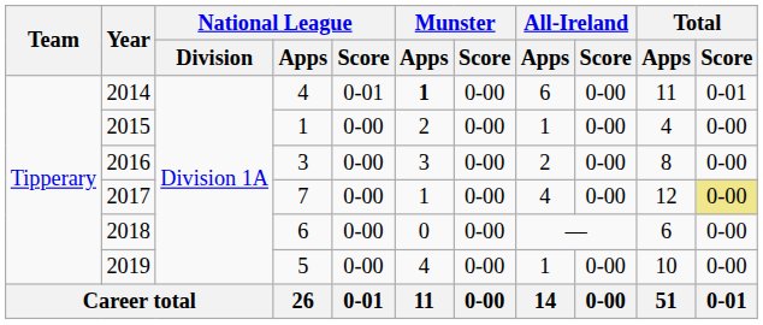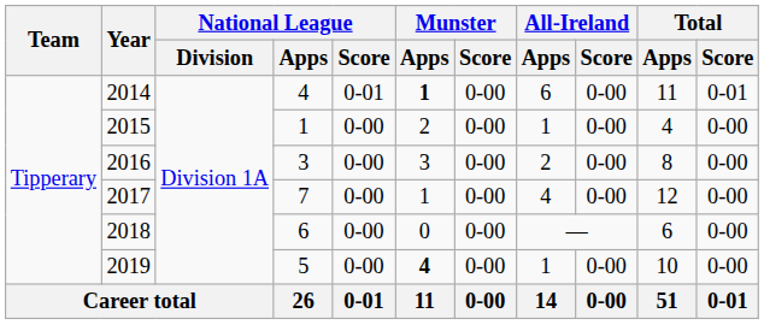 <table class="wikitable" style="text-align:center">
 <tr>
 <th rowspan="2">Team</th>
 <th rowspan="2">Year</th>
 <th colspan="3"><a href='#'>National League</a></th>
 <th colspan="2"><a href='#'>Munster</a></th>
 <th colspan="2"><a href='#'>All-Ireland</a></th>
 <th colspan="2">Total</th>
 </tr>
 <tr>
 <th>Division</th>
 <th>Apps</th>
 <th>Score</th>
 <th>Apps</th>
 <th>Score</th>
 <th>Apps</th>
 <th>Score</th>
 <th>Apps</th>
 <th>Score</th>
 </tr>
 <tr>
 <td rowspan="6"><a href='#'>Tipperary</a></td>
 <td>2014</td>
 <td rowspan="6"><a href='#'>Division 1A</a></td>
 <td>4</td>
 <td>0-01</td>
 <td><strong>1</strong></td>
 <td>0-00</td>
 <td>6</td>
 <td>0-00</td>
 <td>11</td>
 <td>0-01</td>
 </tr>
 <tr>
 <td>2015</td>
 <td>1</td>
 <td>0-00</td>
 <td>2</td>
 <td>0-00</td>
 <td>1</td>
 <td>0-00</td>
 <td>4</td>
 <td>0-00</td>
 </tr>
 <tr>
 <td>2016</td>
 <td>3</td>
 <td>0-00</td>
 <td>3</td>
 <td>0-00</td>
 <td>2</td>
 <td>0-00</td>
 <td>8</td>
 <td>0-00</td>
 </tr>
 <tr>
 <td>2017</td>
 <td>7</td>
 <td>0-00</td>
 <td>1</td>
 <td>0-00</td>
 <td>4</td>
 <td>0-00</td>
 <td>12</td>
-<td style="background: khaki;">0-00</td>
+<td>0-00</td>
 </tr>
 <tr>
 <td>2018</td>
 <td>6</td>
 <td>0-00</td>
 <td>0</td>
 <td>0-00</td>
 <td colspan=2>—</td>
 <td>6</td>
 <td>0-00</td>
 </tr>
 <tr>
 <td>2019</td>
 <td>5</td>
 <td>0-00</td>
-<td>4</td>
+<td><strong>4</strong></td>
 <td>0-00</td>
 <td>1</td>
 <td>0-00</td>
 <td>10</td>
 <td>0-00</td>
 </tr>
 <tr>
 <th colspan="3">Career total</th>
 <th>26</th>
 <th>0-01</th>
 <th>11</th>
 <th>0-00</th>
 <th>14</th>
 <th>0-00</th>
 <th>51</th>
 <th>0-01</th>
 </tr>
 </table>
